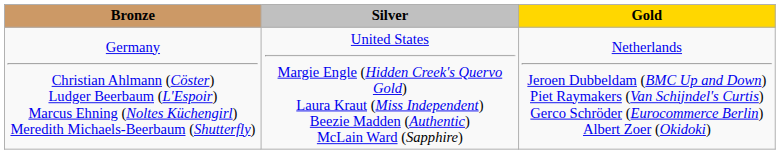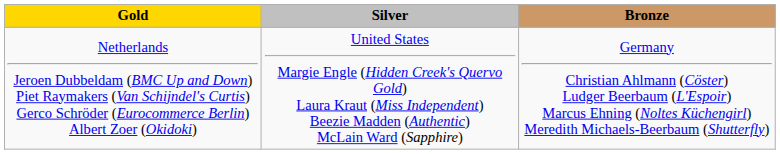 <table class="wikitable">
 <tr>
+<th width=275 style="background:gold">Gold</th>
+<th width=275 style="background:silver">Silver</th>
 <th width=275 style="background:#cc9966">Bronze</th>
-<th width=275 style="background:silver">Silver</th>
-<th width=275 style="background:gold">Gold</th>
 </tr>
 <tr>
+<td align="center"> <a href='#'>Netherlands</a><hr><a href='#'>Jeroen Dubbeldam</a> (<em><a href='#'>BMC Up and Down</a></em>)<br><a href='#'>Piet Raymakers</a> (<em><a href='#'>Van Schijndel's Curtis</a></em>)<br><a href='#'>Gerco Schröder</a> (<em><a href='#'>Eurocommerce Berlin</a></em>)<br><a href='#'>Albert Zoer</a> (<em><a href='#'>Okidoki</a></em>)</td>
+<td align="center"> <a href='#'>United States</a><hr><a href='#'>Margie Engle</a> (<em><a href='#'>Hidden Creek's Quervo Gold</a></em>)<br><a href='#'>Laura Kraut</a> (<em><a href='#'>Miss Independent</a></em>)<br><a href='#'>Beezie Madden</a> (<em><a href='#'>Authentic</a></em>)<br><a href='#'>McLain Ward</a> (<em>Sapphire</em>)</td>
 <td align="center"> <a href='#'>Germany</a><hr><a href='#'>Christian Ahlmann</a> (<em><a href='#'>Cöster</a></em>)<br><a href='#'>Ludger Beerbaum</a> (<em><a href='#'>L'Espoir</a></em>)<br><a href='#'>Marcus Ehning</a> (<em><a href='#'>Noltes Küchengirl</a></em>)<br><a href='#'>Meredith Michaels-Beerbaum</a> (<em><a href='#'>Shutterfly</a></em>)</td>
-<td align="center"> <a href='#'>United States</a><hr><a href='#'>Margie Engle</a> (<em><a href='#'>Hidden Creek's Quervo Gold</a></em>)<br><a href='#'>Laura Kraut</a> (<em><a href='#'>Miss Independent</a></em>)<br><a href='#'>Beezie Madden</a> (<em><a href='#'>Authentic</a></em>)<br><a href='#'>McLain Ward</a> (<em>Sapphire</em>)</td>
-<td align="center"> <a href='#'>Netherlands</a><hr><a href='#'>Jeroen Dubbeldam</a> (<em><a href='#'>BMC Up and Down</a></em>)<br><a href='#'>Piet Raymakers</a> (<em><a href='#'>Van Schijndel's Curtis</a></em>)<br><a href='#'>Gerco Schröder</a> (<em><a href='#'>Eurocommerce Berlin</a></em>)<br><a href='#'>Albert Zoer</a> (<em><a href='#'>Okidoki</a></em>)</td>
 </tr>
 </table>
